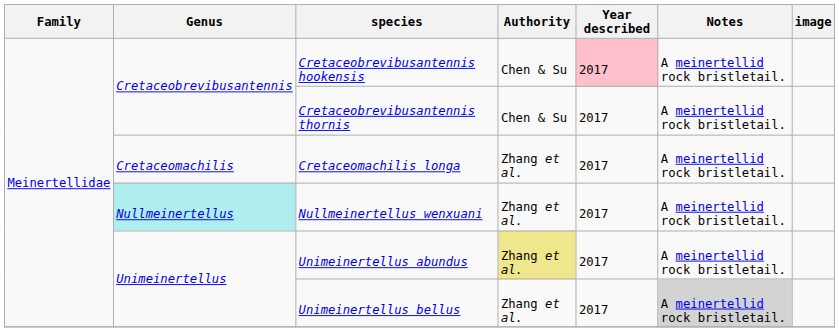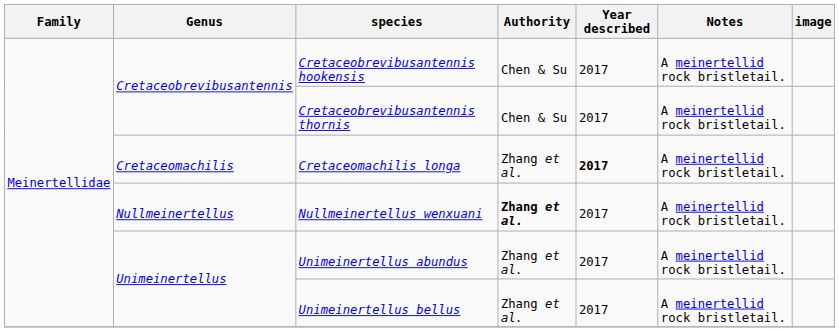 <table class="wikitable sortable" align="center" width="100%">
 <tr>
 <th>Family</th>
 <th>Genus</th>
 <th>species</th>
 <th>Authority</th>
 <th>Year described</th>
 <th>Notes</th>
 <th>image</th>
 </tr>
 <tr>
 <td rowspan=6><a href='#'>Meinertellidae</a></td>
 <td rowspan=2><em><a href='#'>Cretaceobrevibusantennis</a></em></td>
 <td><br><em><a href='#'>Cretaceobrevibusantennis hookensis</a></em></td>
 <td><br>Chen & Su</td>
-<td style="background: pink;"><br>2017</td>
+<td><br>2017</td>
 <td><br>A <a href='#'>meinertellid</a> rock bristletail.</td>
 <td></td>
 </tr>
 <tr>
 <td><br><em><a href='#'>Cretaceobrevibusantennis thornis</a></em></td>
 <td><br>Chen & Su</td>
 <td><br>2017</td>
 <td><br>A <a href='#'>meinertellid</a> rock bristletail.</td>
 <td></td>
 </tr>
 <tr>
 <td><br><em><a href='#'>Cretaceomachilis</a></em></td>
 <td><br><em><a href='#'>Cretaceomachilis longa</a></em></td>
 <td><br>Zhang <em>et al.</em></td>
-<td><br>2017</td>
+<td><strong><br>2017</strong></td>
 <td><br>A <a href='#'>meinertellid</a> rock bristletail.</td>
 <td></td>
 </tr>
 <tr>
-<td style="background: paleturquoise;"><br><em><a href='#'>Nullmeinertellus</a></em></td>
+<td><br><em><a href='#'>Nullmeinertellus</a></em></td>
 <td><br><em><a href='#'>Nullmeinertellus wenxuani</a></em></td>
-<td><br>Zhang <em>et al.</em></td>
+<td><strong><br>Zhang <em>et al.</em></strong></td>
 <td><br>2017</td>
 <td><br>A <a href='#'>meinertellid</a> rock bristletail.</td>
 <td></td>
 </tr>
 <tr>
 <td rowspan=2><em><a href='#'>Unimeinertellus</a></em></td>
 <td><br><em><a href='#'>Unimeinertellus abundus</a></em></td>
-<td style="background: khaki;"><br>Zhang <em>et al.</em></td>
+<td><br>Zhang <em>et al.</em></td>
 <td><br>2017</td>
 <td><br>A <a href='#'>meinertellid</a> rock bristletail.</td>
 <td></td>
 </tr>
 <tr>
 <td><br><em><a href='#'>Unimeinertellus bellus</a></em></td>
 <td><br>Zhang <em>et al.</em></td>
 <td><br>2017</td>
-<td style="background: lightgrey;"><br>A <a href='#'>meinertellid</a> rock bristletail.</td>
+<td><br>A <a href='#'>meinertellid</a> rock bristletail.</td>
 <td></td>
 </tr>
 <tr>
 </tr>
 </table>
